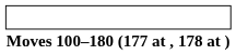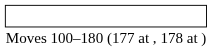 <table style="display:inline; display:inline-table;">
 <tr>
 <td style="border: solid thin; padding: 2px;"><br></td>
 </tr>
 <tr>
-<td style="text-align:center"><strong>Moves 100–180 (177 at , 178 at )</strong></td>
+<td style="text-align:center">Moves 100–180 (177 at , 178 at )</td>
 </tr>
 </table>
